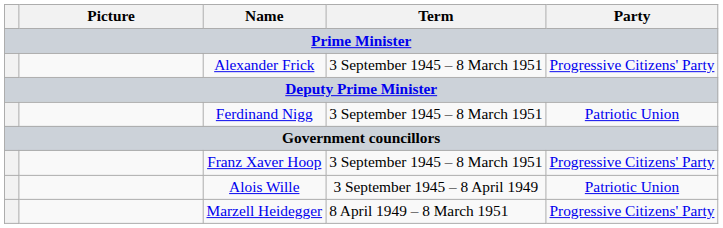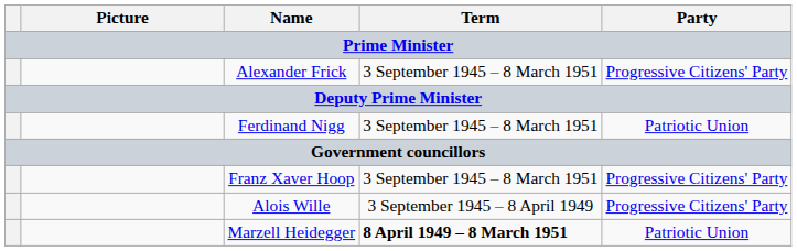 <table class="wikitable" style="text-align:center">
 <tr>
 <th style="width: 0.5em"></th>
 <th style="width: 11.5em"><strong>Picture</strong></th>
 <th><strong>Name</strong></th>
 <th><strong>Term</strong></th>
 <th><strong>Party</strong></th>
 </tr>
 <tr>
 <th colspan="6" style="background:#CCD2D9"><a href='#'>Prime Minister</a></th>
 </tr>
 <tr>
 <th style="background:"></th>
 <td></td>
 <td><a href='#'>Alexander Frick</a></td>
 <td style="text-align:left">3 September 1945 – 8 March 1951</td>
 <td><a href='#'>Progressive Citizens' Party</a></td>
 </tr>
 <tr>
 <th colspan="6" style="background:#CCD2D9"><a href='#'>Deputy Prime Minister</a></th>
 </tr>
 <tr>
 <th style="background:"></th>
 <td></td>
 <td><a href='#'>Ferdinand Nigg</a></td>
 <td style="text-align:left">3 September 1945 – 8 March 1951</td>
 <td><a href='#'>Patriotic Union</a></td>
 </tr>
 <tr>
 <th colspan="6" style="background:#CCD2D9">Government councillors</th>
 </tr>
 <tr>
 <th style="background:"></th>
 <td></td>
 <td><a href='#'>Franz Xaver Hoop</a></td>
 <td style="text-align:left">3 September 1945 – 8 March 1951</td>
 <td><a href='#'>Progressive Citizens' Party</a></td>
 </tr>
 <tr>
 <th style="background:"></th>
 <td></td>
 <td><a href='#'>Alois Wille</a></td>
 <td>3 September 1945 – 8 April 1949</td>
-<td><a href='#'>Patriotic Union</a></td>
+<td><a href='#'>Progressive Citizens' Party</a></td>
 </tr>
 <tr>
 <th style="background:"></th>
 <td></td>
 <td><a href='#'>Marzell Heidegger</a></td>
-<td style="text-align:left">8 April 1949 – 8 March 1951</td>
-<td><a href='#'>Progressive Citizens' Party</a></td>
+<td style="text-align:left"><strong>8 April 1949 – 8 March 1951</strong></td>
+<td><a href='#'>Patriotic Union</a></td>
 </tr>
 </table>
